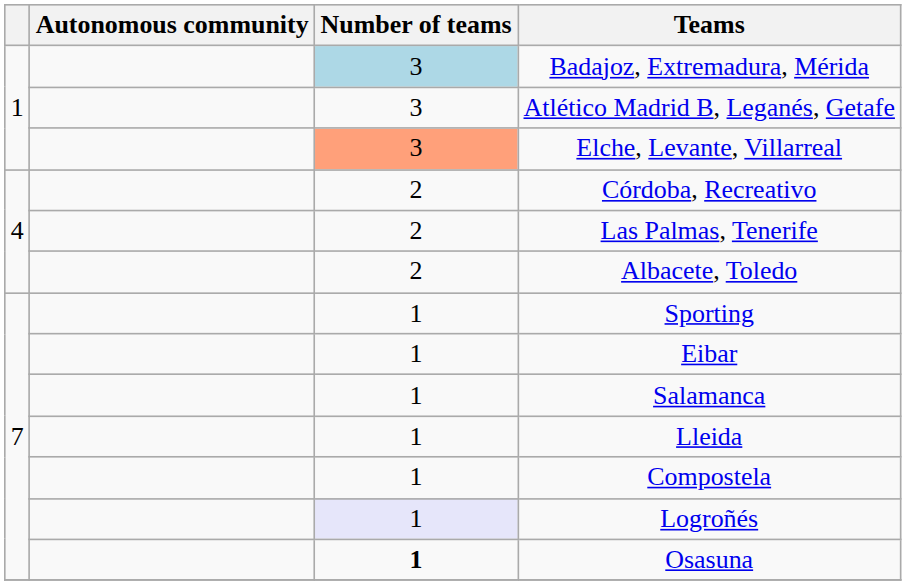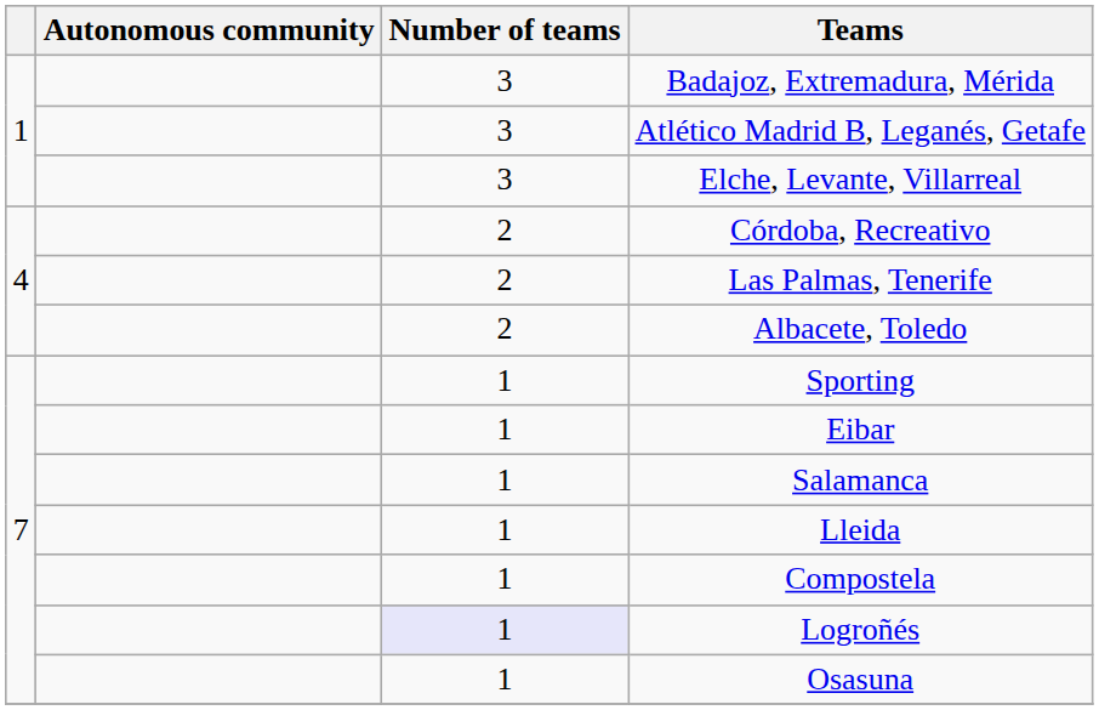 <table class="wikitable">
 <tr>
 <th></th>
 <th>Autonomous community</th>
 <th>Number of teams</th>
 <th>Teams</th>
 </tr>
 <tr>
 <td rowspan=3>1</td>
 <td></td>
-<td align=center style="background: lightblue;">3</td>
+<td align=center>3</td>
 <td align=center><a href='#'>Badajoz</a>, <a href='#'>Extremadura</a>, <a href='#'>Mérida</a></td>
 </tr>
 <tr>
 <td></td>
 <td align=center>3</td>
 <td align=center><a href='#'>Atlético Madrid B</a>, <a href='#'>Leganés</a>, <a href='#'>Getafe</a></td>
 </tr>
 <tr>
 <td></td>
-<td align=center style="background: lightsalmon;">3</td>
+<td align=center>3</td>
 <td align=center><a href='#'>Elche</a>, <a href='#'>Levante</a>, <a href='#'>Villarreal</a></td>
 </tr>
 <tr>
 <td rowspan=3>4</td>
 <td></td>
 <td align=center>2</td>
 <td align=center><a href='#'>Córdoba</a>, <a href='#'>Recreativo</a></td>
 </tr>
 <tr>
 <td></td>
 <td align=center>2</td>
 <td align=center><a href='#'>Las Palmas</a>, <a href='#'>Tenerife</a></td>
 </tr>
 <tr>
 <td></td>
 <td align=center>2</td>
 <td align=center><a href='#'>Albacete</a>, <a href='#'>Toledo</a></td>
 </tr>
 <tr>
 <td rowspan=7>7</td>
 <td></td>
 <td align=center>1</td>
 <td align=center><a href='#'>Sporting</a></td>
 </tr>
 <tr>
 <td></td>
 <td align=center>1</td>
 <td align=center><a href='#'>Eibar</a></td>
 </tr>
 <tr>
 <td></td>
 <td align=center>1</td>
 <td align=center><a href='#'>Salamanca</a></td>
 </tr>
 <tr>
 <td></td>
 <td align=center>1</td>
 <td align=center><a href='#'>Lleida</a></td>
 </tr>
 <tr>
 <td></td>
 <td align=center>1</td>
 <td align=center><a href='#'>Compostela</a></td>
 </tr>
 <tr>
 <td></td>
 <td align=center style="background: lavender;">1</td>
 <td align=center><a href='#'>Logroñés</a></td>
 </tr>
 <tr>
 <td></td>
-<td align=center><strong>1</strong></td>
+<td align=center>1</td>
 <td align=center><a href='#'>Osasuna</a></td>
 </tr>
 <tr>
 </tr>
 </table>
